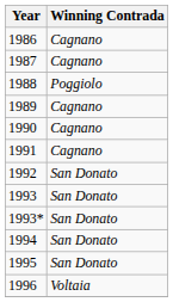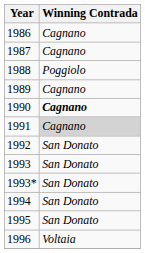 <table class="wikitable">
 <tr>
 <th>Year</th>
 <th>Winning Contrada</th>
 </tr>
 <tr>
 <td>1986</td>
 <td><em>Cagnano</em></td>
 </tr>
 <tr>
 <td>1987</td>
 <td><em>Cagnano</em></td>
 </tr>
 <tr>
 <td>1988</td>
 <td><em>Poggiolo</em></td>
 </tr>
 <tr>
 <td>1989</td>
 <td><em>Cagnano</em></td>
 </tr>
 <tr>
 <td>1990</td>
-<td><em>Cagnano</em></td>
+<td><strong><em>Cagnano</em></strong></td>
 </tr>
 <tr>
 <td>1991</td>
-<td><em>Cagnano</em></td>
+<td style="background: lightgrey;"><em>Cagnano</em></td>
 </tr>
 <tr>
 <td>1992</td>
 <td><em>San Donato</em></td>
 </tr>
 <tr>
 <td>1993</td>
 <td><em>San Donato</em></td>
 </tr>
 <tr>
 <td>1993*</td>
 <td><em>San Donato</em></td>
 </tr>
 <tr>
 <td>1994</td>
 <td><em>San Donato</em></td>
 </tr>
 <tr>
 <td>1995</td>
 <td><em>San Donato</em></td>
 </tr>
 <tr>
 <td>1996</td>
 <td><em>Voltaia</em></td>
 </tr>
 <tr>
 </tr>
 </table>
